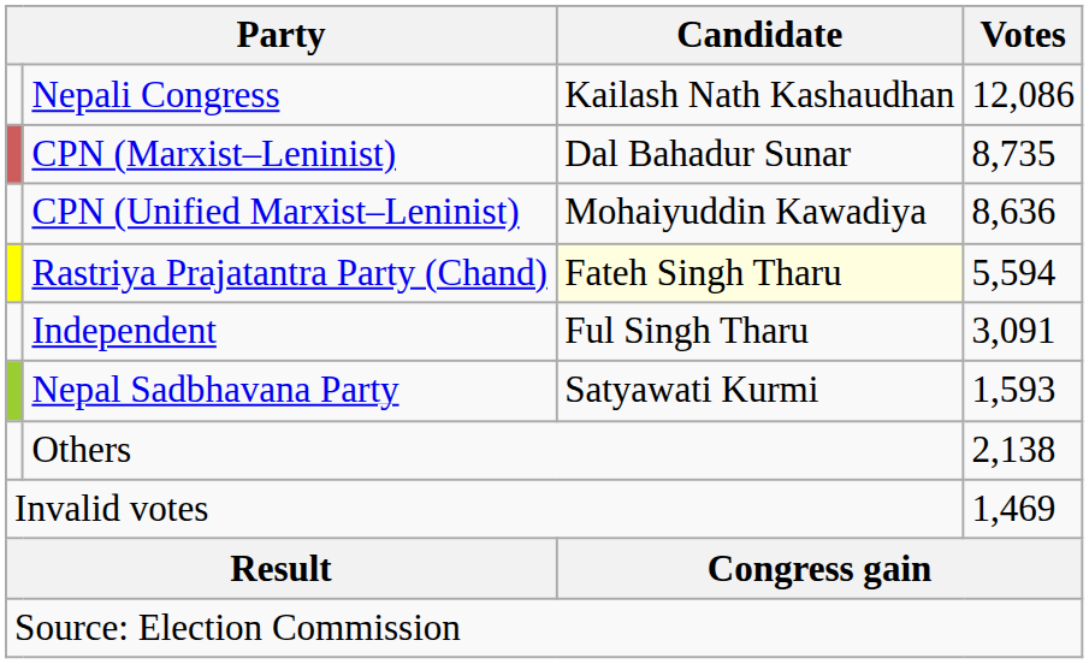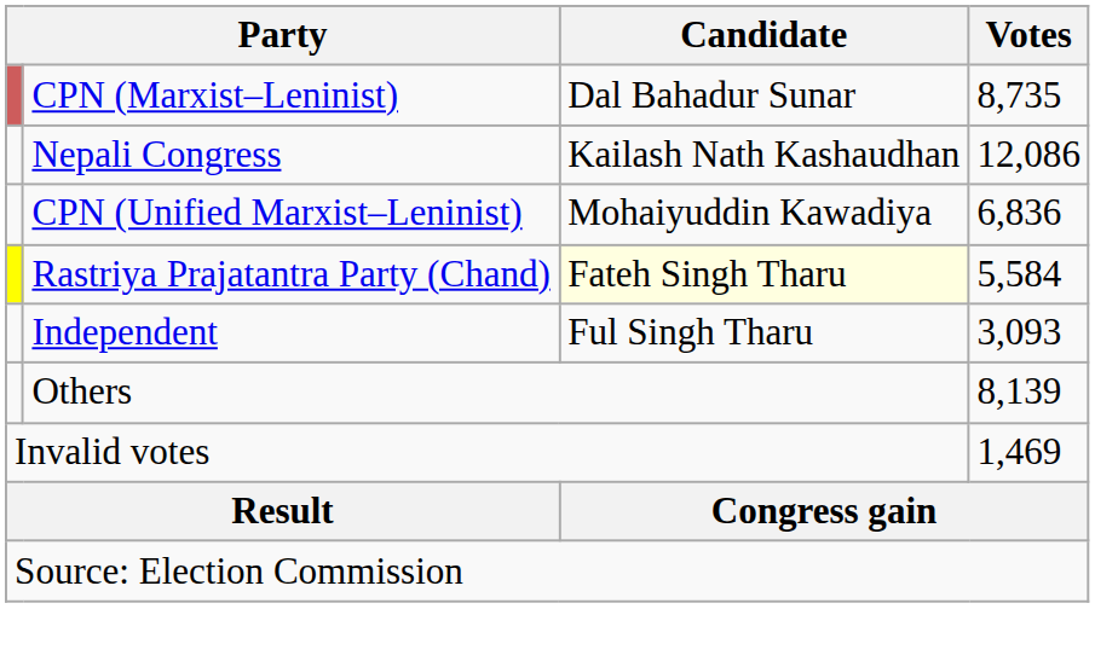 <table class="wikitable">
 <tr>
 <th colspan="2">Party</th>
 <th>Candidate</th>
 <th>Votes</th>
-</tr>
-<tr>
-<td style="background-color:"></td>
-<td><a href='#'>Nepali Congress</a></td>
-<td>Kailash Nath Kashaudhan</td>
-<td>12,086</td>
 </tr>
 <tr>
 <td style="background-color:indianred"></td>
 <td><a href='#'>CPN (Marxist–Leninist)</a></td>
 <td>Dal Bahadur Sunar</td>
 <td>8,735</td>
 </tr>
 <tr>
 <td style="background-color:"></td>
+<td><a href='#'>Nepali Congress</a></td>
+<td>Kailash Nath Kashaudhan</td>
+<td>12,086</td>
+</tr>
+<tr>
+<td style="background-color:"></td>
 <td><a href='#'>CPN (Unified Marxist–Leninist)</a></td>
 <td>Mohaiyuddin Kawadiya</td>
-<td>8,636</td>
+<td>6,836</td>
 </tr>
 <tr>
 <td style="background-color:yellow"></td>
 <td><a href='#'>Rastriya Prajatantra Party (Chand)</a></td>
 <td style="background: lightyellow;">Fateh Singh Tharu</td>
-<td>5,594</td>
+<td>5,584</td>
 </tr>
 <tr>
 <td style="background-color:"></td>
 <td><a href='#'>Independent</a></td>
 <td>Ful Singh Tharu</td>
-<td>3,091</td>
-</tr>
-<tr>
-<td style="background-color:yellowgreen"></td>
-<td><a href='#'>Nepal Sadbhavana Party</a></td>
-<td>Satyawati Kurmi</td>
-<td>1,593</td>
+<td>3,093</td>
 </tr>
 <tr>
 <td></td>
 <td colspan="2">Others</td>
-<td>2,138</td>
+<td>8,139</td>
 </tr>
 <tr>
 <td colspan="3">Invalid votes</td>
 <td>1,469</td>
 </tr>
 <tr>
 <th colspan="2">Result</th>
 <th colspan="2">Congress gain</th>
 </tr>
 <tr>
 <td colspan="4">Source: Election Commission</td>
 </tr>
 </table>
